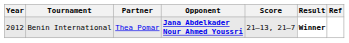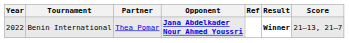 <table class="sortable wikitable" style="font-size: 90%;">
 <tr>
 <th>Year</th>
 <th>Tournament</th>
 <th>Partner</th>
 <th>Opponent</th>
+<th>Ref</th>
+<th>Result</th>
 <th>Score</th>
-<th>Result</th>
-<th>Ref</th>
 </tr>
 <tr style="background:#E9E9E9">
-<td align="center">2012</td>
+<td align="center">2022</td>
 <td align="left">Benin International</td>
 <td align="left"> <a href='#'>Thea Pomar</a></td>
 <td align="left"><strong> <a href='#'>Jana Abdelkader</a><br> <a href='#'>Nour Ahmed Youssri</a></strong></td>
+<td style="text-align:center; background:white"></td>
+<td style="text-align:left; background:white"> <strong>Winner</strong></td>
 <td align="left">21–13, 21–7</td>
-<td style="text-align:left; background:white"> <strong>Winner</strong></td>
-<td style="text-align:center; background:white"></td>
 </tr>
 </table>
